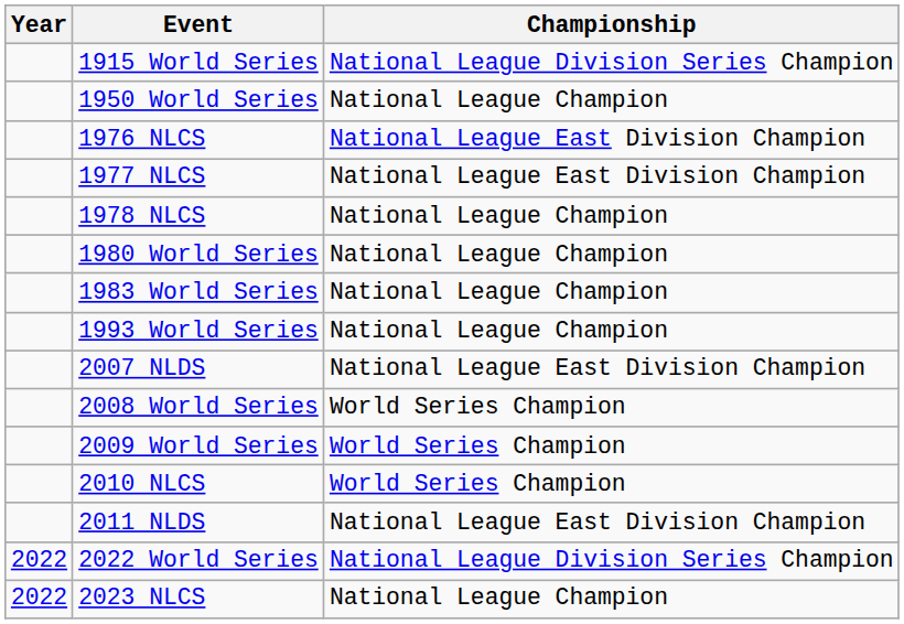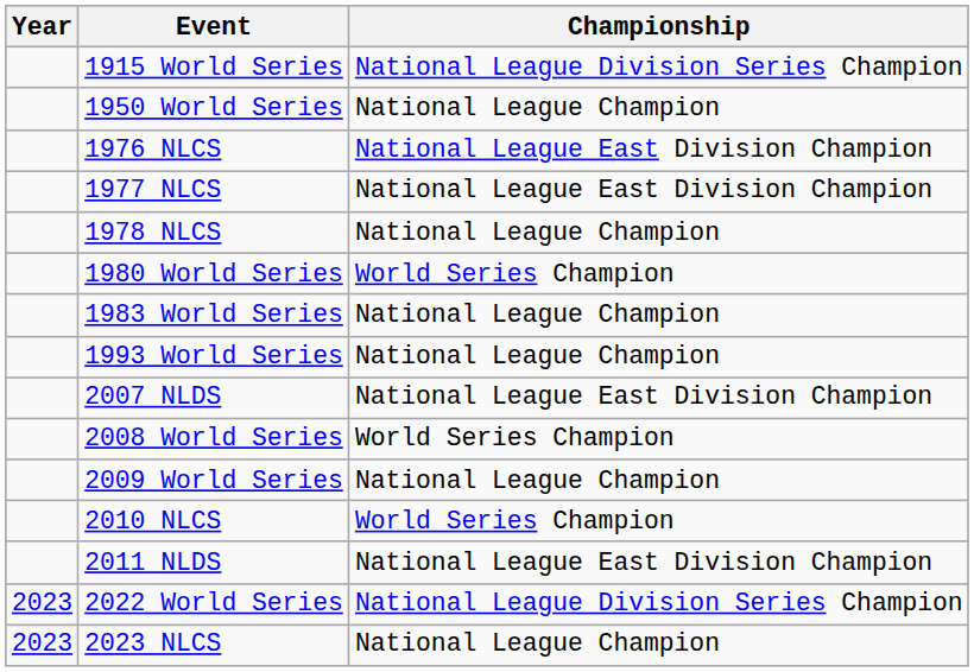 <table class="wikitable">
 <tr>
 <th style="text-align:center; ">Year</th>
 <th style="text-align:center; ">Event</th>
 <th style="text-align:center; ">Championship</th>
 </tr>
 <tr>
 <td></td>
 <td><a href='#'>1915 World Series</a></td>
 <td><a href='#'>National League Division Series</a> Champion</td>
 </tr>
 <tr>
 <td></td>
 <td><a href='#'>1950 World Series</a></td>
 <td>National League Champion</td>
 </tr>
 <tr>
 <td></td>
 <td><a href='#'>1976 NLCS</a></td>
 <td><a href='#'>National League East</a> Division Champion</td>
 </tr>
 <tr>
 <td></td>
 <td><a href='#'>1977 NLCS</a></td>
 <td>National League East Division Champion</td>
 </tr>
 <tr>
 <td></td>
 <td><a href='#'>1978 NLCS</a></td>
 <td>National League Champion</td>
 </tr>
 <tr>
 <td></td>
 <td><a href='#'>1980 World Series</a></td>
-<td>National League Champion</td>
+<td><a href='#'>World Series</a> Champion</td>
 </tr>
 <tr>
 <td></td>
 <td><a href='#'>1983 World Series</a></td>
 <td>National League Champion</td>
 </tr>
 <tr>
 <td></td>
 <td><a href='#'>1993 World Series</a></td>
 <td>National League Champion</td>
 </tr>
 <tr>
 <td></td>
 <td><a href='#'>2007 NLDS</a></td>
 <td>National League East Division Champion</td>
 </tr>
 <tr>
 <td></td>
 <td><a href='#'>2008 World Series</a></td>
 <td>World Series Champion</td>
 </tr>
 <tr>
 <td></td>
 <td><a href='#'>2009 World Series</a></td>
-<td><a href='#'>World Series</a> Champion</td>
+<td>National League Champion</td>
 </tr>
 <tr>
 <td></td>
 <td><a href='#'>2010 NLCS</a></td>
 <td><a href='#'>World Series</a> Champion</td>
 </tr>
 <tr>
 <td></td>
 <td><a href='#'>2011 NLDS</a></td>
 <td>National League East Division Champion</td>
 </tr>
 <tr>
-<td><a href='#'>2022</a></td>
+<td><a href='#'>2023</a></td>
 <td><a href='#'>2022 World Series</a></td>
 <td><a href='#'>National League Division Series</a> Champion</td>
 </tr>
 <tr>
-<td><a href='#'>2022</a></td>
+<td><a href='#'>2023</a></td>
 <td><a href='#'>2023 NLCS</a></td>
 <td>National League Champion</td>
 </tr>
 </table>
